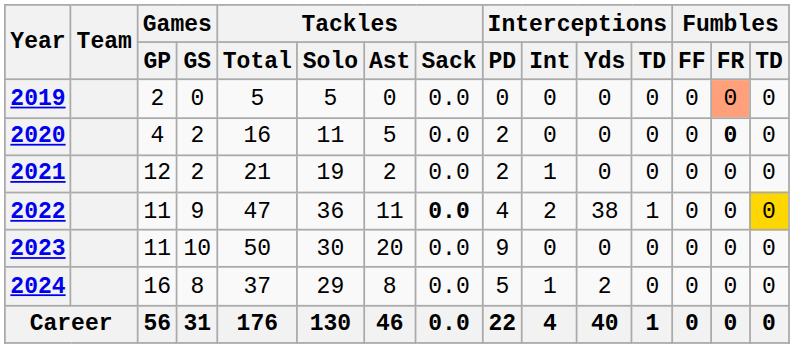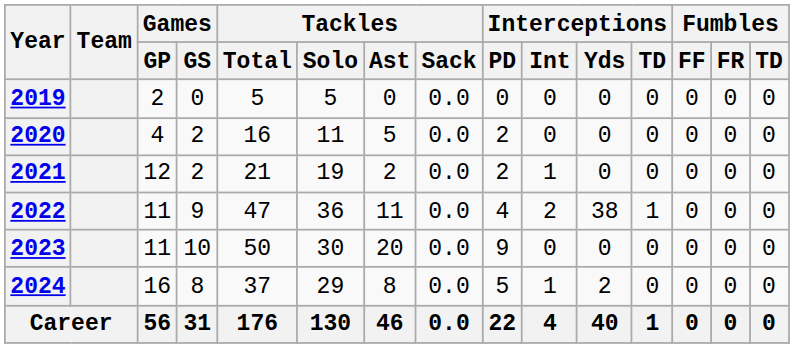 <table class="wikitable" style="text-align:center;">
 <tr>
 <th rowspan="2">Year</th>
 <th rowspan="2">Team</th>
 <th colspan="2">Games</th>
 <th colspan="4">Tackles</th>
 <th colspan="4">Interceptions</th>
 <th colspan="3">Fumbles</th>
 </tr>
 <tr>
 <th>GP</th>
 <th>GS</th>
 <th>Total</th>
 <th>Solo</th>
 <th>Ast</th>
 <th>Sack</th>
 <th>PD</th>
 <th>Int</th>
 <th>Yds</th>
 <th>TD</th>
 <th>FF</th>
 <th>FR</th>
 <th>TD</th>
 </tr>
 <tr>
 <th><a href='#'>2019</a></th>
 <th><a href='#'></a></th>
 <td>2</td>
 <td>0</td>
 <td>5</td>
 <td>5</td>
 <td>0</td>
 <td>0.0</td>
 <td>0</td>
 <td>0</td>
 <td>0</td>
 <td>0</td>
 <td>0</td>
-<td style="background: lightsalmon;">0</td>
+<td>0</td>
 <td>0</td>
 </tr>
 <tr>
 <th><a href='#'>2020</a></th>
 <th><a href='#'></a></th>
 <td>4</td>
 <td>2</td>
 <td>16</td>
 <td>11</td>
 <td>5</td>
 <td>0.0</td>
 <td>2</td>
 <td>0</td>
 <td>0</td>
 <td>0</td>
 <td>0</td>
-<td><strong>0</strong></td>
+<td>0</td>
 <td>0</td>
 </tr>
 <tr>
 <th><a href='#'>2021</a></th>
 <th><a href='#'></a></th>
 <td>12</td>
 <td>2</td>
 <td>21</td>
 <td>19</td>
 <td>2</td>
 <td>0.0</td>
 <td>2</td>
 <td>1</td>
 <td>0</td>
 <td>0</td>
 <td>0</td>
 <td>0</td>
 <td>0</td>
 </tr>
 <tr>
 <th><a href='#'>2022</a></th>
 <th><a href='#'></a></th>
 <td>11</td>
 <td>9</td>
 <td>47</td>
 <td>36</td>
 <td>11</td>
-<td><strong>0.0</strong></td>
+<td>0.0</td>
 <td>4</td>
 <td>2</td>
 <td>38</td>
 <td>1</td>
 <td>0</td>
 <td>0</td>
-<td style="background: gold;">0</td>
+<td>0</td>
 </tr>
 <tr>
 <th><a href='#'>2023</a></th>
 <th><a href='#'></a></th>
 <td>11</td>
 <td>10</td>
 <td>50</td>
 <td>30</td>
 <td>20</td>
 <td>0.0</td>
 <td>9</td>
 <td>0</td>
 <td>0</td>
 <td>0</td>
 <td>0</td>
 <td>0</td>
 <td>0</td>
 </tr>
 <tr>
 <th><a href='#'>2024</a></th>
 <th><a href='#'></a></th>
 <td>16</td>
 <td>8</td>
 <td>37</td>
 <td>29</td>
 <td>8</td>
 <td>0.0</td>
 <td>5</td>
 <td>1</td>
 <td>2</td>
 <td>0</td>
 <td>0</td>
 <td>0</td>
 <td>0</td>
 </tr>
 <tr>
 <th align=center colspan="2">Career</th>
 <th>56</th>
 <th>31</th>
 <th>176</th>
 <th>130</th>
 <th>46</th>
 <th>0.0</th>
 <th>22</th>
 <th>4</th>
 <th>40</th>
 <th>1</th>
 <th>0</th>
 <th>0</th>
 <th>0</th>
 </tr>
 </table>
